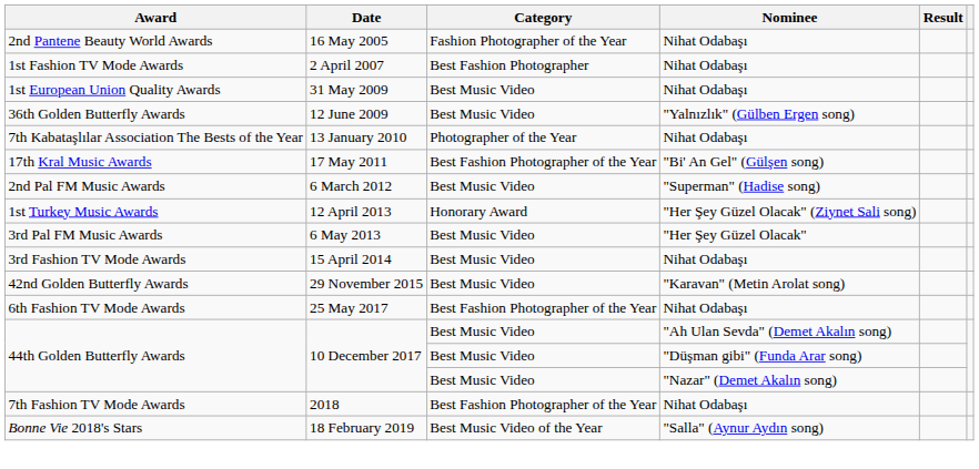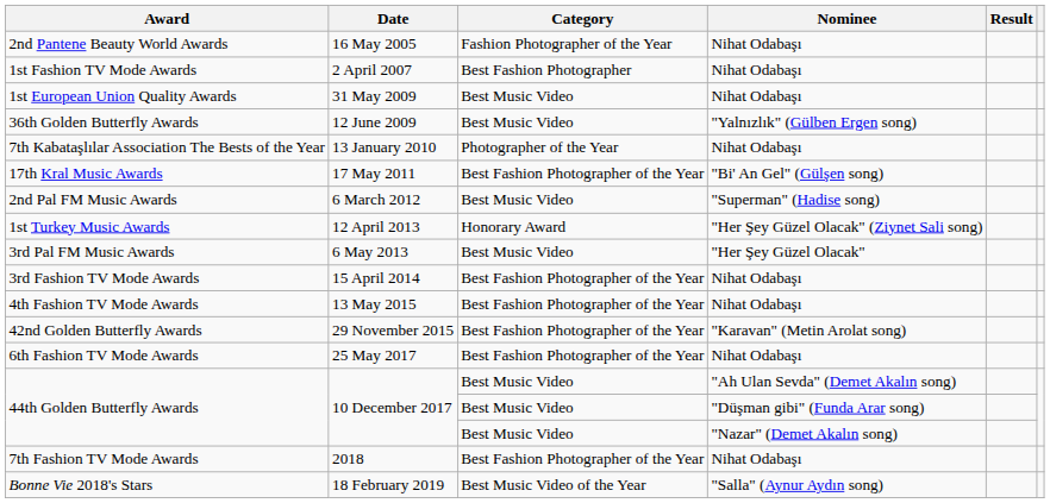 <table class="wikitable sortable" style="font-size: 95%; valign:center">
 <tr>
 <th scope="col">Award</th>
 <th scope="col">Date</th>
 <th scope="col">Category</th>
 <th scope="col">Nominee</th>
 <th scope="col">Result</th>
 <th scope="col" class="unsortable"></th>
 </tr>
 <tr>
 <td>2nd <a href='#'>Pantene</a> Beauty World Awards</td>
 <td>16 May 2005</td>
 <td>Fashion Photographer of the Year</td>
 <td>Nihat Odabaşı</td>
 <td></td>
 <td style="text-align:center;"></td>
 </tr>
 <tr>
 <td>1st Fashion TV Mode Awards</td>
 <td>2 April 2007</td>
 <td>Best Fashion Photographer</td>
 <td>Nihat Odabaşı</td>
 <td></td>
 <td style="text-align:center;"></td>
 </tr>
 <tr>
 <td>1st <a href='#'>European Union</a> Quality Awards</td>
 <td>31 May 2009</td>
 <td>Best Music Video</td>
 <td>Nihat Odabaşı</td>
 <td></td>
 <td style="text-align:center;"></td>
 </tr>
 <tr>
 <td>36th Golden Butterfly Awards</td>
 <td>12 June 2009</td>
 <td>Best Music Video</td>
 <td>"Yalnızlık" (<a href='#'>Gülben Ergen</a> song)</td>
 <td></td>
 <td style="text-align:center;"></td>
 </tr>
 <tr>
 <td>7th Kabataşlılar Association The Bests of the Year</td>
 <td>13 January 2010</td>
 <td>Photographer of the Year</td>
 <td>Nihat Odabaşı</td>
 <td></td>
 <td style="text-align:center;"></td>
 </tr>
 <tr>
 <td>17th <a href='#'>Kral Music Awards</a></td>
 <td>17 May 2011</td>
 <td>Best Fashion Photographer of the Year</td>
 <td>"Bi' An Gel" (<a href='#'>Gülşen</a> song)</td>
 <td></td>
 <td style="text-align:center;"></td>
 </tr>
 <tr>
 <td>2nd Pal FM Music Awards</td>
 <td>6 March 2012</td>
 <td>Best Music Video</td>
 <td>"Superman" (<a href='#'>Hadise</a> song)</td>
 <td></td>
 <td style="text-align:center;"></td>
 </tr>
 <tr>
 <td>1st <a href='#'>Turkey Music Awards</a></td>
 <td>12 April 2013</td>
 <td>Honorary Award</td>
 <td>"Her Şey Güzel Olacak" (<a href='#'>Ziynet Sali</a> song)</td>
 <td></td>
 <td style="text-align:center;"></td>
 </tr>
 <tr>
 <td>3rd Pal FM Music Awards</td>
 <td>6 May 2013</td>
 <td>Best Music Video</td>
 <td>"Her Şey Güzel Olacak"</td>
 <td></td>
 <td style="text-align:center;"></td>
 </tr>
 <tr>
 <td>3rd Fashion TV Mode Awards</td>
 <td>15 April 2014</td>
-<td>Best Music Video</td>
+<td>Best Fashion Photographer of the Year</td>
+<td>Nihat Odabaşı</td>
+<td></td>
+<td style="text-align:center;"></td>
+</tr>
+<tr>
+<td>4th Fashion TV Mode Awards</td>
+<td>13 May 2015</td>
+<td>Best Fashion Photographer of the Year</td>
 <td>Nihat Odabaşı</td>
 <td></td>
 <td style="text-align:center;"></td>
 </tr>
 <tr>
 <td>42nd Golden Butterfly Awards</td>
 <td>29 November 2015</td>
-<td>Best Music Video</td>
+<td>Best Fashion Photographer of the Year</td>
 <td>"Karavan" (Metin Arolat song)</td>
 <td></td>
 <td style="text-align:center;"></td>
 </tr>
 <tr>
 <td>6th Fashion TV Mode Awards</td>
 <td>25 May 2017</td>
 <td>Best Fashion Photographer of the Year</td>
 <td>Nihat Odabaşı</td>
 <td></td>
 <td style="text-align:center;"></td>
 </tr>
 <tr>
 <td rowspan=3>44th Golden Butterfly Awards</td>
 <td rowspan=3>10 December 2017</td>
 <td>Best Music Video</td>
 <td>"Ah Ulan Sevda" (<a href='#'>Demet Akalın</a> song)</td>
 <td></td>
 <td rowspan=3; style="text-align:center;"></td>
 </tr>
 <tr>
 <td>Best Music Video</td>
 <td>"Düşman gibi" (<a href='#'>Funda Arar</a> song)</td>
 <td></td>
 </tr>
 <tr>
 <td>Best Music Video</td>
 <td>"Nazar" (<a href='#'>Demet Akalın</a> song)</td>
 <td></td>
 </tr>
 <tr>
 <td>7th Fashion TV Mode Awards</td>
 <td>2018</td>
 <td>Best Fashion Photographer of the Year</td>
 <td>Nihat Odabaşı</td>
 <td></td>
 <td style="text-align:center;"></td>
 </tr>
 <tr>
 <td><em>Bonne Vie</em> 2018's Stars</td>
 <td>18 February 2019</td>
 <td>Best Music Video of the Year</td>
 <td>"Salla" (<a href='#'>Aynur Aydın</a> song)</td>
 <td></td>
 <td style="text-align:center;"></td>
 </tr>
 </table>
